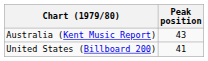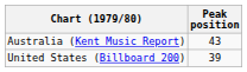 <table class="wikitable">
 <tr>
 <th scope="col">Chart (1979/80)</th>
 <th>Peak<br>position</th>
 </tr>
 <tr>
 <td>Australia (<a href='#'>Kent Music Report</a>)</td>
 <td style="text-align:center;">43</td>
 </tr>
 <tr>
 <td>United States (<a href='#'>Billboard 200</a>)</td>
-<td style="text-align:center;">41</td>
+<td style="text-align:center;">39</td>
 </tr>
 </table>
